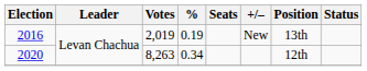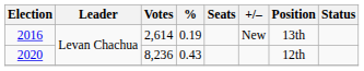 <table class="wikitable" style="text-align:center">
 <tr>
 <th>Election</th>
 <th>Leader</th>
 <th>Votes</th>
 <th>%</th>
 <th>Seats</th>
 <th>+/–</th>
 <th>Position</th>
 <th>Status</th>
 </tr>
 <tr>
 <td><a href='#'>2016</a></td>
 <td rowspan=2>Levan Chachua</td>
-<td>2,019</td>
+<td>2,614</td>
 <td>0.19</td>
 <td></td>
 <td>New</td>
 <td> 13th</td>
 <td></td>
 </tr>
 <tr>
 <td><a href='#'>2020</a></td>
-<td>8,263</td>
-<td>0.34</td>
+<td>8,236</td>
+<td>0.43</td>
 <td></td>
 <td></td>
 <td> 12th</td>
 <td></td>
 </tr>
 <tr>
 </tr>
 </table>
